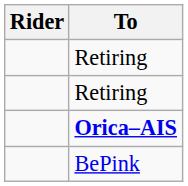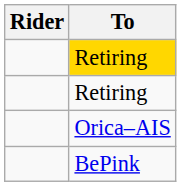 <table class="wikitable sortable">
 <tr>
 <th>Rider</th>
 <th>To</th>
 </tr>
 <tr>
 <td></td>
-<td>Retiring</td>
+<td style="background: gold;">Retiring</td>
 </tr>
 <tr>
 <td></td>
 <td>Retiring</td>
 </tr>
 <tr>
 <td></td>
-<td><strong><a href='#'>Orica–AIS</a></strong></td>
+<td><a href='#'>Orica–AIS</a></td>
 </tr>
 <tr>
 <td></td>
 <td><a href='#'>BePink</a></td>
 </tr>
 </table>
